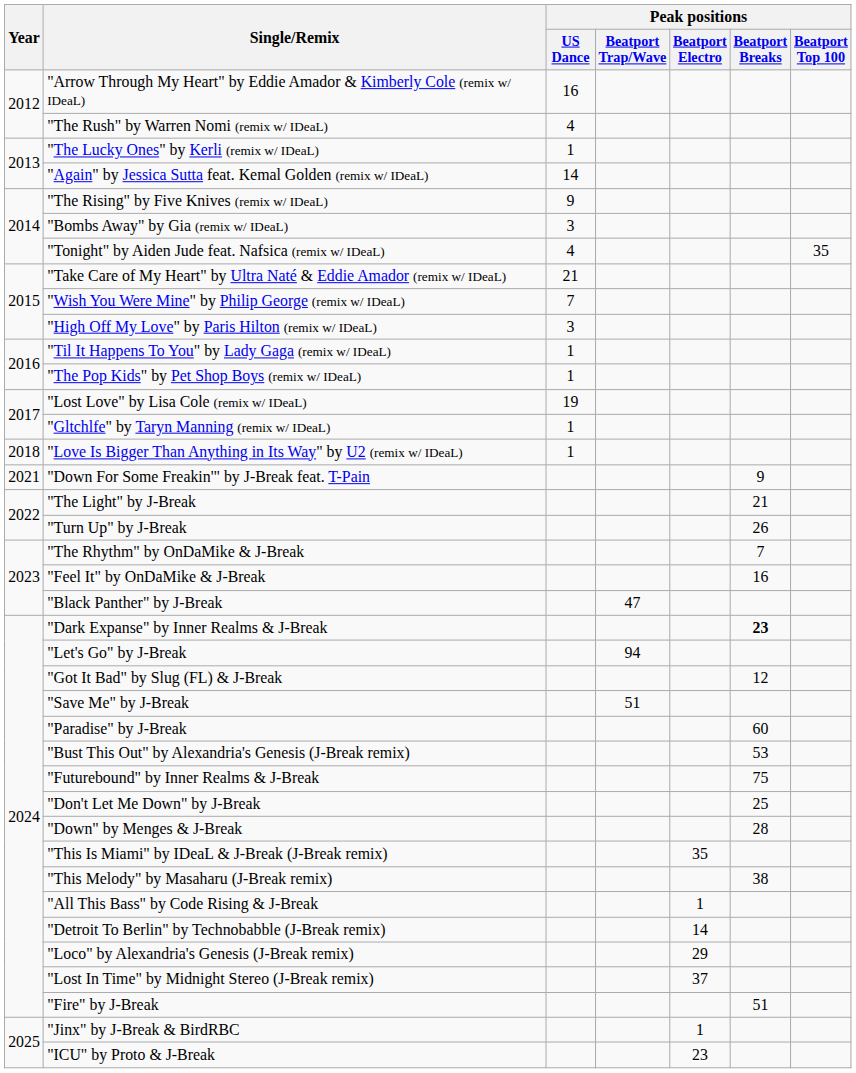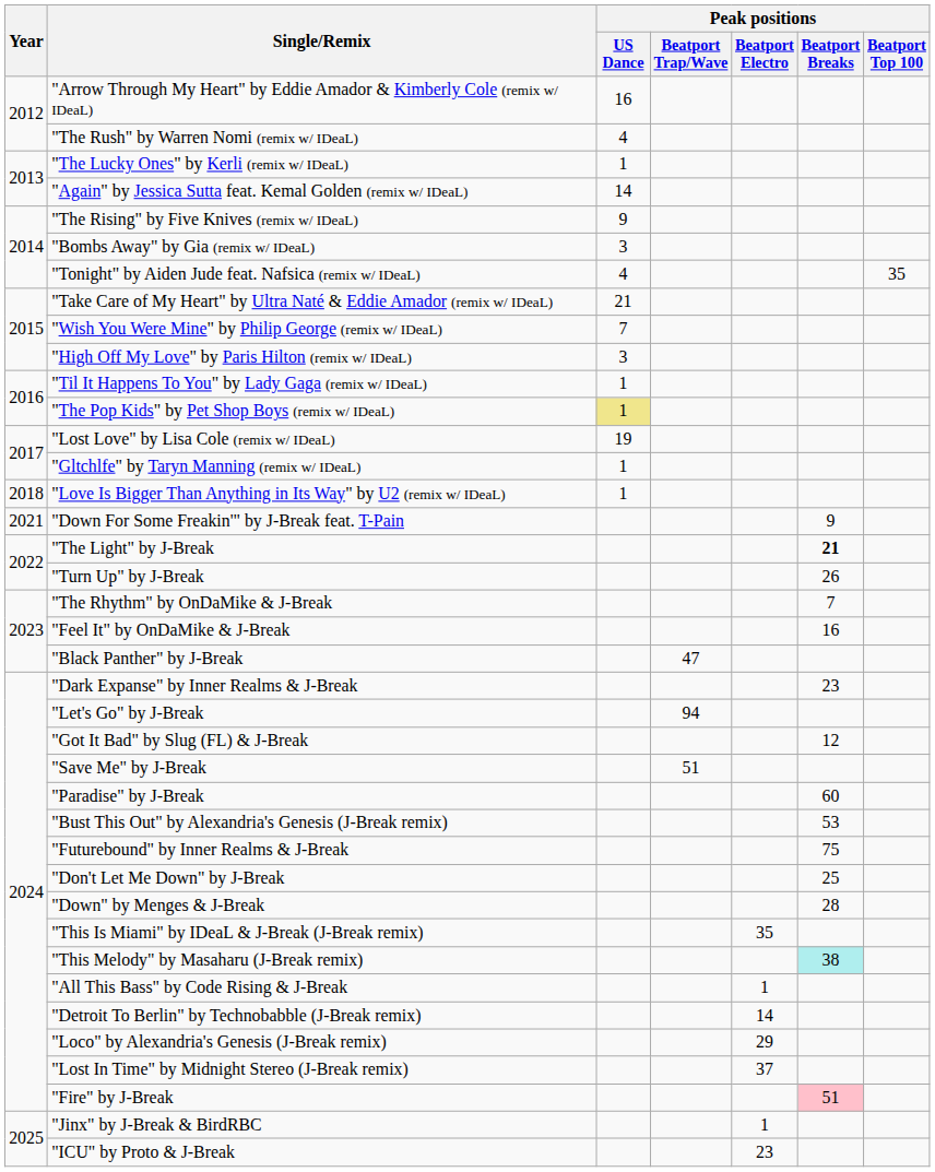 <table class="wikitable">
 <tr>
 <th align="center" rowspan="2" width="10">Year</th>
 <th align="center" rowspan="2" width="500">Single/Remix</th>
 <th align="center" colspan="7" width="30">Peak positions</th>
 </tr>
 <tr>
 <th scope="col" style="width:3em;font-size:90%;"><a href='#'>US Dance</a><br></th>
 <th scope="col" style="width:3em;font-size:90%;"><a href='#'>Beatport Trap/Wave</a><br></th>
 <th scope="col" style="width:3em;font-size:90%;"><a href='#'>Beatport Electro</a><br></th>
 <th scope="col" style="width:3em;font-size:90%;"><a href='#'>Beatport Breaks</a><br></th>
 <th scope="col" style="width:3em;font-size:90%;"><a href='#'>Beatport Top 100</a><br></th>
 </tr>
 <tr>
 <td align="center" rowspan="2">2012</td>
 <td>"Arrow Through My Heart" by Eddie Amador & <a href='#'>Kimberly Cole</a> <small>(remix w/ IDeaL)</small></td>
 <td align="center">16</td>
 <td align="center"></td>
 <td align="center"></td>
 <td align="center"></td>
 <td align="center"></td>
 </tr>
 <tr>
 <td>"The Rush" by Warren Nomi <small>(remix w/ IDeaL)</small></td>
 <td align="center">4</td>
 <td align="center"></td>
 <td align="center"></td>
 <td align="center"></td>
 <td align="center"></td>
 </tr>
 <tr>
 <td align="center" rowspan="2">2013</td>
 <td>"<a href='#'>The Lucky Ones</a>" by <a href='#'>Kerli</a> <small>(remix w/ IDeaL)</small></td>
 <td align="center">1</td>
 <td align="center"></td>
 <td align="center"></td>
 <td align="center"></td>
 <td align="center"></td>
 </tr>
 <tr>
 <td>"<a href='#'>Again</a>" by <a href='#'>Jessica Sutta</a> feat. Kemal Golden <small>(remix w/ IDeaL)</small></td>
 <td align="center">14</td>
 <td align="center"></td>
 <td align="center"></td>
 <td align="center"></td>
 <td align="center"></td>
 </tr>
 <tr>
 <td align="center" rowspan="3">2014</td>
 <td>"The Rising" by Five Knives <small>(remix w/ IDeaL)</small></td>
 <td align="center">9</td>
 <td align="center"></td>
 <td align="center"></td>
 <td align="center"></td>
 <td align="center"></td>
 </tr>
 <tr>
 <td>"Bombs Away" by Gia <small>(remix w/ IDeaL)</small></td>
 <td align="center">3</td>
 <td align="center"></td>
 <td align="center"></td>
 <td align="center"></td>
 <td align="center"></td>
 </tr>
 <tr>
 <td>"Tonight" by Aiden Jude feat. Nafsica <small>(remix w/ IDeaL)</small></td>
 <td align="center">4</td>
 <td align="center"></td>
 <td align="center"></td>
 <td align="center"></td>
 <td align="center">35</td>
 </tr>
 <tr>
 <td align="center" rowspan="3">2015</td>
 <td>"Take Care of My Heart" by <a href='#'>Ultra Naté</a> & <a href='#'>Eddie Amador</a> <small>(remix w/ IDeaL)</small></td>
 <td align="center">21</td>
 <td align="center"></td>
 <td align="center"></td>
 <td align="center"></td>
 <td align="center"></td>
 </tr>
 <tr>
 <td>"<a href='#'>Wish You Were Mine</a>" by <a href='#'>Philip George</a> <small>(remix w/ IDeaL)</small></td>
 <td align="center">7</td>
 <td align="center"></td>
 <td align="center"></td>
 <td align="center"></td>
 <td align="center"></td>
 </tr>
 <tr>
 <td>"<a href='#'>High Off My Love</a>" by <a href='#'>Paris Hilton</a> <small>(remix w/ IDeaL)</small></td>
 <td align="center">3</td>
 <td align="center"></td>
 <td align="center"></td>
 <td align="center"></td>
 <td align="center"></td>
 </tr>
 <tr>
 <td align="center" rowspan="2">2016</td>
 <td>"<a href='#'>Til It Happens To You</a>" by <a href='#'>Lady Gaga</a> <small>(remix w/ IDeaL)</small></td>
 <td align="center">1</td>
 <td align="center"></td>
 <td align="center"></td>
 <td align="center"></td>
 <td align="center"></td>
 </tr>
 <tr>
 <td>"<a href='#'>The Pop Kids</a>" by <a href='#'>Pet Shop Boys</a> <small>(remix w/ IDeaL)</small></td>
-<td align="center">1</td>
+<td align="center" style="background: khaki;">1</td>
 <td align="center"></td>
 <td align="center"></td>
 <td align="center"></td>
 <td align="center"></td>
 </tr>
 <tr>
 <td align="center" rowspan="2">2017</td>
 <td>"Lost Love" by Lisa Cole <small>(remix w/ IDeaL)</small></td>
 <td align="center">19</td>
 <td align="center"></td>
 <td align="center"></td>
 <td align="center"></td>
 <td align="center"></td>
 </tr>
 <tr>
 <td>"<a href='#'>Gltchlfe</a>" by <a href='#'>Taryn Manning</a> <small>(remix w/ IDeaL)</small></td>
 <td align="center">1</td>
 <td align="center"></td>
 <td align="center"></td>
 <td align="center"></td>
 <td align="center"></td>
 </tr>
 <tr>
 <td align="center" rowspan="1">2018</td>
 <td>"<a href='#'>Love Is Bigger Than Anything in Its Way</a>" by <a href='#'>U2</a> <small>(remix w/ IDeaL)</small></td>
 <td align="center">1</td>
 <td align="center"></td>
 <td align="center"></td>
 <td align="center"></td>
 <td align="center"></td>
 </tr>
 <tr>
 <td align="center" rowspan="1">2021</td>
 <td>"Down For Some Freakin'" by J-Break feat. <a href='#'>T-Pain</a></td>
 <td align="center"></td>
 <td align="center"></td>
 <td align="center"></td>
 <td align="center">9</td>
 <td align="center"></td>
 </tr>
 <tr>
 <td align="center" rowspan="2">2022</td>
 <td>"The Light" by J-Break</td>
 <td align="center"></td>
 <td align="center"></td>
 <td align="center"></td>
-<td align="center">21</td>
+<td align="center"><strong>21</strong></td>
 <td align="center"></td>
 </tr>
 <tr>
 <td>"Turn Up" by J-Break</td>
 <td align="center"></td>
 <td align="center"></td>
 <td align="center"></td>
 <td align="center">26</td>
 <td align="center"></td>
 </tr>
 <tr>
 <td align="center" rowspan="3">2023</td>
 <td>"The Rhythm" by OnDaMike & J-Break</td>
 <td align="center"></td>
 <td align="center"></td>
 <td align="center"></td>
 <td align="center">7</td>
 <td align="center"></td>
 </tr>
 <tr>
 <td>"Feel It" by OnDaMike & J-Break</td>
 <td align="center"></td>
 <td align="center"></td>
 <td align="center"></td>
 <td align="center">16</td>
 <td align="center"></td>
 </tr>
 <tr>
 <td>"Black Panther" by J-Break</td>
 <td align="center"></td>
 <td align="center">47</td>
 <td align="center"></td>
 <td align="center"></td>
 <td align="center"></td>
 </tr>
 <tr>
 <td align="center" rowspan="16">2024</td>
 <td>"Dark Expanse" by Inner Realms & J-Break</td>
 <td align="center"></td>
 <td align="center"></td>
 <td align="center"></td>
-<td align="center"><strong>23</strong></td>
+<td align="center">23</td>
 <td align="center"></td>
 </tr>
 <tr>
 <td>"Let's Go" by J-Break</td>
 <td align="center"></td>
 <td align="center">94</td>
 <td align="center"></td>
 <td align="center"></td>
 <td align="center"></td>
 </tr>
 <tr>
 <td>"Got It Bad" by Slug (FL) & J-Break</td>
 <td align="center"></td>
 <td align="center"></td>
 <td align="center"></td>
 <td align="center">12</td>
 <td align="center"></td>
 </tr>
 <tr>
 <td>"Save Me" by J-Break</td>
 <td align="center"></td>
 <td align="center">51</td>
 <td align="center"></td>
 <td align="center"></td>
 <td align="center"></td>
 </tr>
 <tr>
 <td>"Paradise" by J-Break</td>
 <td align="center"></td>
 <td align="center"></td>
 <td align="center"></td>
 <td align="center">60</td>
 <td align="center"></td>
 </tr>
 <tr>
 <td>"Bust This Out" by Alexandria's Genesis (J-Break remix)</td>
 <td align="center"></td>
 <td align="center"></td>
 <td align="center"></td>
 <td align="center">53</td>
 <td align="center"></td>
 </tr>
 <tr>
 <td>"Futurebound" by Inner Realms & J-Break</td>
 <td align="center"></td>
 <td align="center"></td>
 <td align="center"></td>
 <td align="center">75</td>
 <td align="center"></td>
 </tr>
 <tr>
 <td>"Don't Let Me Down" by J-Break</td>
 <td align="center"></td>
 <td align="center"></td>
 <td align="center"></td>
 <td align="center">25</td>
 <td align="center"></td>
 </tr>
 <tr>
 <td>"Down" by Menges & J-Break</td>
 <td align="center"></td>
 <td align="center"></td>
 <td align="center"></td>
 <td align="center">28</td>
 <td align="center"></td>
 </tr>
 <tr>
 <td>"This Is Miami" by IDeaL & J-Break (J-Break remix)</td>
 <td align="center"></td>
 <td align="center"></td>
 <td align="center">35</td>
 <td align="center"></td>
 <td align="center"></td>
 </tr>
 <tr>
 <td>"This Melody" by Masaharu (J-Break remix)</td>
 <td align="center"></td>
 <td align="center"></td>
 <td align="center"></td>
-<td align="center">38</td>
+<td align="center" style="background: paleturquoise;">38</td>
 <td align="center"></td>
 </tr>
 <tr>
 <td>"All This Bass" by Code Rising & J-Break</td>
 <td align="center"></td>
 <td align="center"></td>
 <td align="center">1</td>
 <td align="center"></td>
 <td align="center"></td>
 </tr>
 <tr>
 <td>"Detroit To Berlin" by Technobabble (J-Break remix)</td>
 <td align="center"></td>
 <td align="center"></td>
 <td align="center">14</td>
 <td align="center"></td>
 <td align="center"></td>
 </tr>
 <tr>
 <td>"Loco" by Alexandria's Genesis (J-Break remix)</td>
 <td align="center"></td>
 <td align="center"></td>
 <td align="center">29</td>
 <td align="center"></td>
 <td align="center"></td>
 </tr>
 <tr>
 <td>"Lost In Time" by Midnight Stereo (J-Break remix)</td>
 <td align="center"></td>
 <td align="center"></td>
 <td align="center">37</td>
 <td align="center"></td>
 <td align="center"></td>
 </tr>
 <tr>
 <td>"Fire" by J-Break</td>
 <td align="center"></td>
 <td align="center"></td>
 <td align="center"></td>
-<td align="center">51</td>
+<td align="center" style="background: pink;">51</td>
 <td align="center"></td>
 </tr>
 <tr>
 <td align="center" rowspan="2">2025</td>
 <td>"Jinx" by J-Break & BirdRBC</td>
 <td align="center"></td>
 <td align="center"></td>
 <td align="center">1</td>
 <td align="center"></td>
 <td align="center"></td>
 </tr>
 <tr>
 <td>"ICU" by Proto & J-Break</td>
 <td align="center"></td>
 <td align="center"></td>
 <td align="center">23</td>
 <td align="center"></td>
 <td align="center"></td>
 </tr>
 </table>
